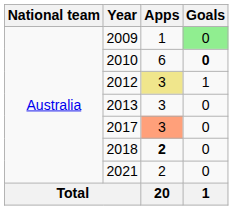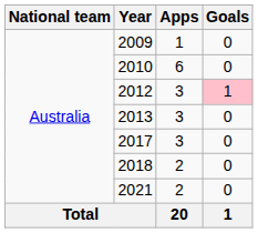 <table class="wikitable" style="text-align:center">
 <tr>
 <th>National team</th>
 <th>Year</th>
 <th>Apps</th>
 <th>Goals</th>
 </tr>
 <tr>
 <td rowspan="7"><a href='#'>Australia</a></td>
 <td>2009</td>
 <td>1</td>
-<td style="background: lightgreen;">0</td>
+<td>0</td>
 </tr>
 <tr>
 <td>2010</td>
 <td>6</td>
-<td><strong>0</strong></td>
+<td>0</td>
 </tr>
 <tr>
 <td>2012</td>
-<td style="background: khaki;">3</td>
-<td>1</td>
+<td>3</td>
+<td style="background: pink;">1</td>
 </tr>
 <tr>
 <td>2013</td>
 <td>3</td>
 <td>0</td>
 </tr>
 <tr>
 <td>2017</td>
-<td style="background: lightsalmon;">3</td>
+<td>3</td>
 <td>0</td>
 </tr>
 <tr>
 <td>2018</td>
-<td><strong>2</strong></td>
+<td>2</td>
 <td>0</td>
 </tr>
 <tr>
 <td>2021</td>
 <td>2</td>
 <td>0</td>
 </tr>
 <tr>
 <th colspan="2">Total</th>
 <th>20</th>
 <th>1</th>
 </tr>
 </table>
